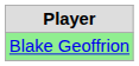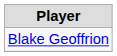 <table class="wikitable">
 <tr style="text-align:center; background:#ddd;">
 <td><strong>Player</strong></td>
 </tr>
 <tr>
-<td style="background: lightgreen;"><a href='#'>Blake Geoffrion</a></td>
+<td><a href='#'>Blake Geoffrion</a></td>
 </tr>
 <tr>
 </tr>
 </table>
